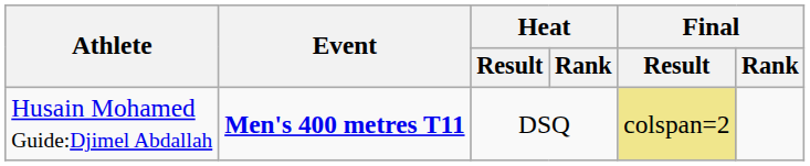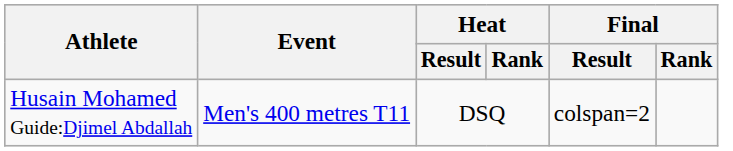 <table class="wikitable" style="font-size:90%">
 <tr>
 <th rowspan="2">Athlete</th>
 <th rowspan="2">Event</th>
 <th colspan="2">Heat</th>
 <th colspan="2">Final</th>
 </tr>
 <tr style="font-size:95%">
 <th>Result</th>
 <th>Rank</th>
 <th>Result</th>
 <th>Rank</th>
 </tr>
 <tr align=center>
 <td align=left><a href='#'>Husain Mohamed</a><br><small>Guide:<a href='#'>Djimel Abdallah</a></small></td>
-<td align=left><strong><a href='#'>Men's 400 metres T11</a></strong></td>
+<td align=left><a href='#'>Men's 400 metres T11</a></td>
 <td colspan=2>DSQ</td>
-<td style="background: khaki;">colspan=2 </td>
+<td>colspan=2 </td>
 </tr>
 </table>
